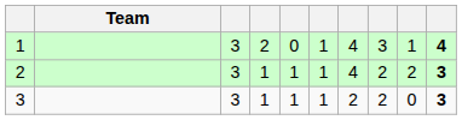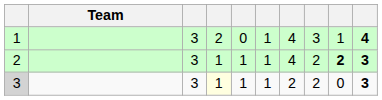 <table class="wikitable" style="text-align:center">
 <tr>
 <th width=20></th>
 <th width=165>Team</th>
 <th width=20></th>
 <th width=20></th>
 <th width=20></th>
 <th width=20></th>
 <th width=20></th>
 <th width=20></th>
 <th width=20></th>
 <th width=20></th>
 </tr>
 <tr bgcolor=ccffcc>
 <td>1</td>
 <td align=left></td>
 <td>3</td>
 <td>2</td>
 <td>0</td>
 <td>1</td>
 <td>4</td>
 <td>3</td>
 <td>1</td>
 <td><strong>4</strong></td>
 </tr>
 <tr bgcolor=ccffcc>
 <td>2</td>
 <td align=left></td>
 <td>3</td>
 <td>1</td>
 <td>1</td>
 <td>1</td>
 <td>4</td>
 <td>2</td>
-<td>2</td>
+<td><strong>2</strong></td>
 <td><strong>3</strong></td>
 </tr>
 <tr>
-<td>3</td>
+<td style="background: lightgrey;">3</td>
 <td style="text-align:left;"></td>
 <td>3</td>
-<td>1</td>
+<td style="background: lightyellow;">1</td>
 <td>1</td>
 <td>1</td>
 <td>2</td>
 <td>2</td>
 <td>0</td>
 <td><strong>3</strong></td>
 </tr>
 </table>
